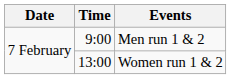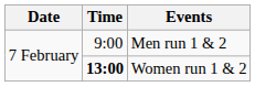 <table class="wikitable">
 <tr>
 <th>Date</th>
 <th>Time</th>
 <th>Events</th>
 </tr>
 <tr>
 <td rowspan="2">7 February</td>
 <td>  9:00</td>
 <td>Men run 1 & 2</td>
 </tr>
 <tr>
-<td>13:00</td>
+<td><strong>13:00</strong></td>
 <td>Women run 1 & 2</td>
 </tr>
 </table>
